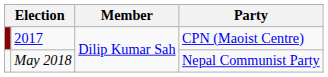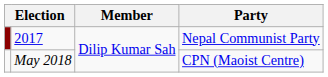 <table class="wikitable">
 <tr>
 <th colspan="2">Election</th>
 <th>Member</th>
 <th>Party</th>
 </tr>
 <tr>
 <td style="background-color:darkred"></td>
 <td><a href='#'>2017</a></td>
 <td rowspan="2"><a href='#'>Dilip Kumar Sah</a></td>
-<td><a href='#'>CPN (Maoist Centre)</a></td>
+<td><a href='#'>Nepal Communist Party</a></td>
 </tr>
 <tr>
 <td style="background-color:"></td>
 <td><em>May 2018</em></td>
-<td><a href='#'>Nepal Communist Party</a></td>
+<td><a href='#'>CPN (Maoist Centre)</a></td>
 </tr>
 </table>
